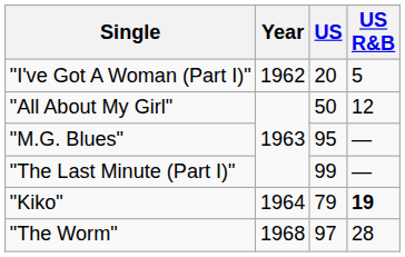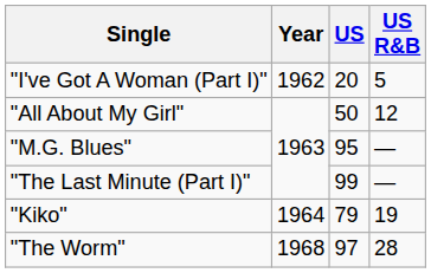 <table class="wikitable">
 <tr>
 <th>Single</th>
 <th>Year</th>
 <th><a href='#'>US</a><br></th>
 <th><a href='#'>US</a><br><a href='#'>R&B</a><br></th>
 </tr>
 <tr>
 <td>"I've Got A Woman (Part I)"</td>
 <td>1962</td>
 <td>20</td>
 <td>5</td>
 </tr>
 <tr>
 <td>"All About My Girl"</td>
 <td rowspan="3">1963</td>
 <td>50</td>
 <td>12</td>
 </tr>
 <tr>
 <td>"M.G. Blues"</td>
 <td>95</td>
 <td>—</td>
 </tr>
 <tr>
 <td>"The Last Minute (Part I)"</td>
 <td>99</td>
 <td>—</td>
 </tr>
 <tr>
 <td>"Kiko"</td>
 <td>1964</td>
 <td>79</td>
-<td><strong>19</strong></td>
+<td>19</td>
 </tr>
 <tr>
 <td>"The Worm"</td>
 <td>1968</td>
 <td>97</td>
 <td>28</td>
 </tr>
 </table>
